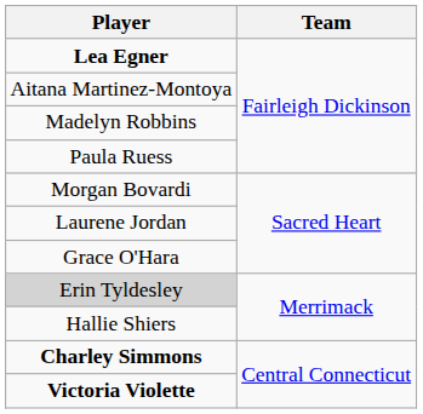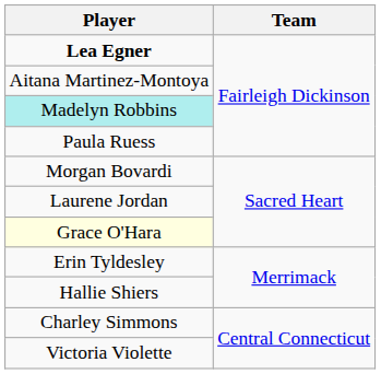 <table class="wikitable" style="text-align: center;">
 <tr>
 <th>Player</th>
 <th>Team</th>
 </tr>
 <tr>
 <td><strong>Lea Egner</strong></td>
 <td rowspan=4><a href='#'>Fairleigh Dickinson</a></td>
 </tr>
 <tr>
 <td>Aitana Martinez-Montoya</td>
 </tr>
 <tr>
-<td>Madelyn Robbins</td>
+<td style="background: paleturquoise;">Madelyn Robbins</td>
 </tr>
 <tr>
 <td>Paula Ruess</td>
 </tr>
 <tr>
 <td>Morgan Bovardi</td>
 <td rowspan=3><a href='#'>Sacred Heart</a></td>
 </tr>
 <tr>
 <td>Laurene Jordan</td>
 </tr>
 <tr>
-<td>Grace O'Hara</td>
+<td style="background: lightyellow;">Grace O'Hara</td>
 </tr>
 <tr>
-<td style="background: lightgrey;">Erin Tyldesley</td>
+<td>Erin Tyldesley</td>
 <td rowspan=2><a href='#'>Merrimack</a></td>
 </tr>
 <tr>
 <td>Hallie Shiers</td>
 </tr>
 <tr>
-<td><strong>Charley Simmons</strong></td>
+<td>Charley Simmons</td>
 <td rowspan=2><a href='#'>Central Connecticut</a></td>
 </tr>
 <tr>
-<td><strong>Victoria Violette</strong></td>
+<td>Victoria Violette</td>
 </tr>
 </table>
